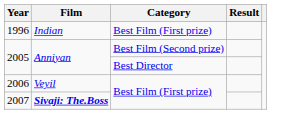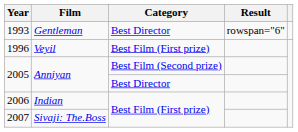 <table class="wikitable sortable">
 <tr>
 <th scope="col">Year</th>
 <th scope="col">Film</th>
 <th scope="col">Category</th>
 <th scope="col">Result</th>
 <th class="unsortable" scope="col"></th>
 </tr>
 <tr>
+<td>1993</td>
+<td><em><a href='#'>Gentleman</a></em></td>
+<td><a href='#'>Best Director</a></td>
+<td>rowspan="6" </td>
+<td></td>
+</tr>
+<tr>
 <td>1996</td>
-<td><em><a href='#'>Indian</a></em></td>
+<td><em><a href='#'>Veyil</a></em></td>
 <td><a href='#'>Best Film (First prize)</a></td>
 <td></td>
 </tr>
 <tr>
 <td rowspan="2">2005</td>
 <td rowspan="2"><em><a href='#'>Anniyan</a></em></td>
 <td><a href='#'>Best Film (Second prize)</a></td>
 <td></td>
 </tr>
 <tr>
 <td><a href='#'>Best Director</a></td>
 <td></td>
 </tr>
 <tr>
 <td>2006</td>
-<td><em><a href='#'>Veyil</a></em></td>
+<td><em><a href='#'>Indian</a></em></td>
 <td rowspan="2"><a href='#'>Best Film (First prize)</a></td>
 <td></td>
 </tr>
 <tr>
 <td>2007</td>
-<td><strong><em><a href='#'>Sivaji: The.Boss</a></em></strong></td>
+<td><em><a href='#'>Sivaji: The.Boss</a></em></td>
 <td></td>
 </tr>
 </table>
